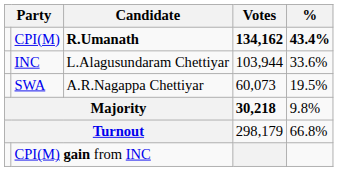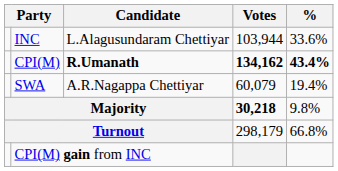 <table class="wikitable">
 <tr>
 <th colspan="2">Party</th>
 <th>Candidate</th>
 <th>Votes</th>
 <th>%</th>
+</tr>
+<tr>
+<td></td>
+<td><a href='#'>INC</a></td>
+<td>L.Alagusundaram Chettiyar</td>
+<td>103,944</td>
+<td>33.6%</td>
 </tr>
 <tr>
 <td></td>
 <td><a href='#'>CPI(M)</a></td>
 <td><strong>R.Umanath</strong></td>
 <td><strong>134,162</strong></td>
 <td><strong>43.4%</strong></td>
 </tr>
 <tr>
 <td></td>
-<td><a href='#'>INC</a></td>
-<td>L.Alagusundaram Chettiyar</td>
-<td>103,944</td>
-<td>33.6%</td>
-</tr>
-<tr>
-<td></td>
 <td><a href='#'>SWA</a></td>
 <td>A.R.Nagappa Chettiyar</td>
-<td>60,073</td>
-<td>19.5%</td>
+<td>60,079</td>
+<td>19.4%</td>
 </tr>
 <tr>
 <th colspan="3">Majority</th>
 <td><strong>30,218</strong></td>
 <td>9.8%</td>
 </tr>
 <tr>
 <th colspan="3"><a href='#'>Turnout</a></th>
 <td>298,179</td>
 <td>66.8%</td>
 </tr>
 <tr>
 <td></td>
 <td colspan="2"><a href='#'>CPI(M)</a> <strong>gain</strong> from <a href='#'>INC</a></td>
 <th></th>
 <td></td>
 </tr>
 </table>
